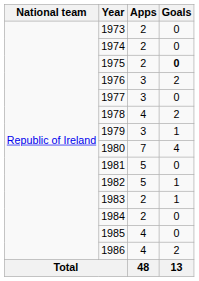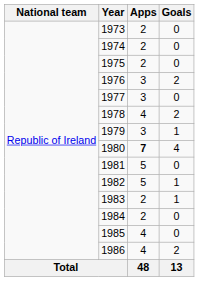 <table class=wikitable style="text-align: center">
 <tr>
 <th>National team</th>
 <th>Year</th>
 <th>Apps</th>
 <th>Goals</th>
 </tr>
 <tr>
 <td rowspan=14><a href='#'>Republic of Ireland</a></td>
 <td>1973</td>
 <td>2</td>
 <td>0</td>
 </tr>
 <tr>
 <td>1974</td>
 <td>2</td>
 <td>0</td>
 </tr>
 <tr>
 <td>1975</td>
 <td>2</td>
-<td><strong>0</strong></td>
+<td>0</td>
 </tr>
 <tr>
 <td>1976</td>
 <td>3</td>
 <td>2</td>
 </tr>
 <tr>
 <td>1977</td>
 <td>3</td>
 <td>0</td>
 </tr>
 <tr>
 <td>1978</td>
 <td>4</td>
 <td>2</td>
 </tr>
 <tr>
 <td>1979</td>
 <td>3</td>
 <td>1</td>
 </tr>
 <tr>
 <td>1980</td>
-<td>7</td>
+<td><strong>7</strong></td>
 <td>4</td>
 </tr>
 <tr>
 <td>1981</td>
 <td>5</td>
 <td>0</td>
 </tr>
 <tr>
 <td>1982</td>
 <td>5</td>
 <td>1</td>
 </tr>
 <tr>
 <td>1983</td>
 <td>2</td>
 <td>1</td>
 </tr>
 <tr>
 <td>1984</td>
 <td>2</td>
 <td>0</td>
 </tr>
 <tr>
 <td>1985</td>
 <td>4</td>
 <td>0</td>
 </tr>
 <tr>
 <td>1986</td>
 <td>4</td>
 <td>2</td>
 </tr>
 <tr>
 <th colspan=2>Total</th>
 <th>48</th>
 <th>13</th>
 </tr>
 </table>
